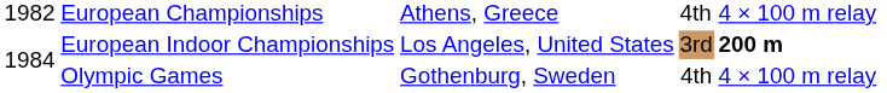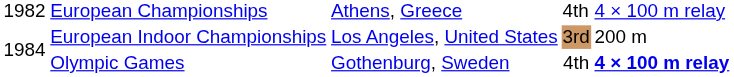 <table>
 <tr>
 <td>1982</td>
 <td><a href='#'>European Championships</a></td>
 <td><a href='#'>Athens</a>, <a href='#'>Greece</a></td>
 <td>4th</td>
 <td><a href='#'>4 × 100 m relay</a></td>
 </tr>
 <tr>
 <td rowspan=2>1984</td>
 <td><a href='#'>European Indoor Championships</a></td>
 <td><a href='#'>Los Angeles</a>, <a href='#'>United States</a></td>
 <td bgcolor="cc9966" align="center">3rd</td>
-<td><strong>200 m</strong></td>
+<td>200 m</td>
 </tr>
 <tr>
 <td><a href='#'>Olympic Games</a></td>
 <td><a href='#'>Gothenburg</a>, <a href='#'>Sweden</a></td>
 <td align="center">4th</td>
-<td><a href='#'>4 × 100 m relay</a></td>
+<td><strong><a href='#'>4 × 100 m relay</a></strong></td>
 </tr>
 </table>
